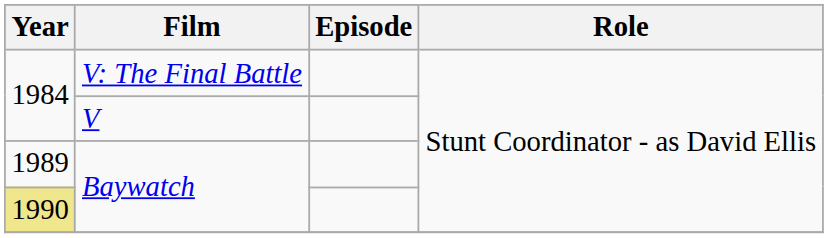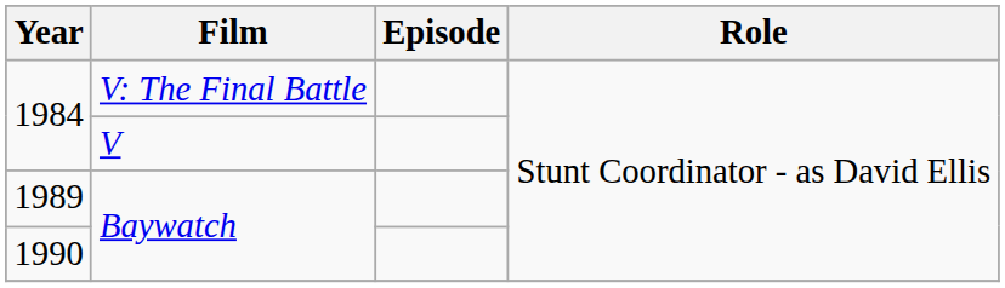 <table class="wikitable sortable">
 <tr>
 <th>Year</th>
 <th>Film</th>
 <th>Episode</th>
 <th>Role</th>
 </tr>
 <tr>
 <td rowspan="2">1984</td>
 <td><em><a href='#'>V: The Final Battle</a></em></td>
 <td></td>
 <td rowspan="4">Stunt Coordinator - as David Ellis</td>
 </tr>
 <tr>
 <td><em><a href='#'>V</a></em></td>
 <td></td>
 </tr>
 <tr>
 <td>1989</td>
 <td rowspan="2"><em><a href='#'>Baywatch</a></em></td>
 <td></td>
 </tr>
 <tr>
-<td style="background: khaki;">1990</td>
+<td>1990</td>
 <td></td>
 </tr>
 <tr>
 </tr>
 </table>
